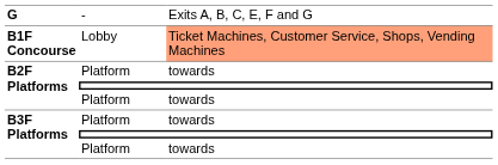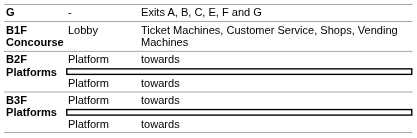 <table table border=0 cellspacing=0 cellpadding=3>
 <tr>
 <td style="border-top:solid 1px gray;" width=50 valign=top><strong>G</strong></td>
 <td style="border-top:solid 1px gray;" width=100 valign=top>-</td>
 <td style="border-top:solid 1px gray;" width=390 valign=top>Exits A, B, C, E, F and G</td>
 </tr>
 <tr>
 <td style="border-bottom:solid 1px gray; border-top:solid 1px gray;" valign=top width=50><strong>B1F<br>Concourse</strong></td>
 <td style="border-bottom:solid 1px gray; border-top:solid 1px gray;" valign=top width=100>Lobby</td>
-<td style="background: lightsalmon; border-bottom:solid 1px gray; border-top:solid 1px gray;" valign=top width=390>Ticket Machines, Customer Service, Shops, Vending Machines</td>
+<td style="border-bottom:solid 1px gray; border-top:solid 1px gray;" valign=top width=390>Ticket Machines, Customer Service, Shops, Vending Machines</td>
 </tr>
 <tr>
 <td style="border-bottom:solid 1px gray;" rowspan=3 valign=top><strong>B2F<br> Platforms</strong></td>
 <td>Platform</td>
 <td>  towards  </td>
 </tr>
 <tr>
 <td style="border-right:solid 2px black;border-left:solid 2px black;border-top:solid 2px black;border-bottom:solid 2px black;text-align:center;" colspan=2></td>
 </tr>
 <tr>
 <td style="border-bottom:solid 1px gray;">Platform</td>
 <td style="border-bottom:solid 1px gray;">  towards   </td>
 </tr>
 <tr>
 <td style="border-bottom:solid 1px gray;" rowspan=3 valign=top><strong>B3F<br> Platforms</strong></td>
 <td>Platform</td>
 <td>  towards  </td>
 </tr>
 <tr>
 <td style="border-right:solid 2px black;border-left:solid 2px black;border-top:solid 2px black;border-bottom:solid 2px black;text-align:center;" colspan=2></td>
 </tr>
 <tr>
 <td style="border-bottom:solid 1px gray;">Platform</td>
 <td style="border-bottom:solid 1px gray;">  towards   </td>
 </tr>
 </table>
